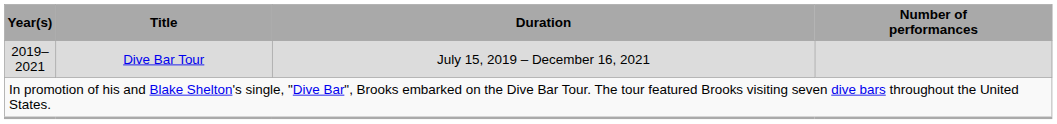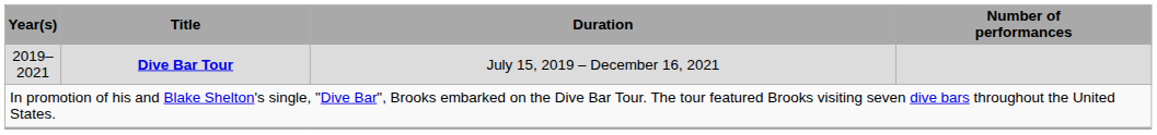 <table class="wikitable">
 <tr>
 <th style="background:darkGrey;">Year(s)</th>
 <th style="background:darkGrey;">Title</th>
 <th style="background:darkGrey;">Duration</th>
 <th style="background:darkGrey;">Number of<br>performances</th>
 </tr>
 <tr style="background:#dcdcdc;">
 <td style="text-align:center; width:5px;;">2019–2021</td>
-<td style="background:#dcdcdc; text-align:center;"><a href='#'>Dive Bar Tour</a></td>
+<td style="background:#dcdcdc; text-align:center;"><strong><a href='#'>Dive Bar Tour</a></strong></td>
 <td style="background:#dcdcdc; text-align:center;">July 15, 2019 – December 16, 2021</td>
 <td style="background:#dcdcdc;"></td>
 </tr>
 <tr>
 <td colspan="4" style="border-bottom-width:3px; padding:5px;">In promotion of his and <a href='#'>Blake Shelton</a>'s single, "<a href='#'>Dive Bar</a>", Brooks embarked on the Dive Bar Tour. The tour featured Brooks visiting seven <a href='#'>dive bars</a> throughout the United States.</td>
 </tr>
 </table>
